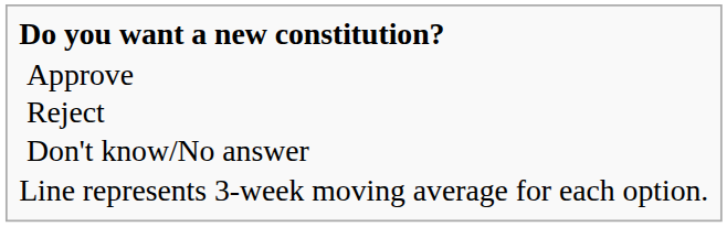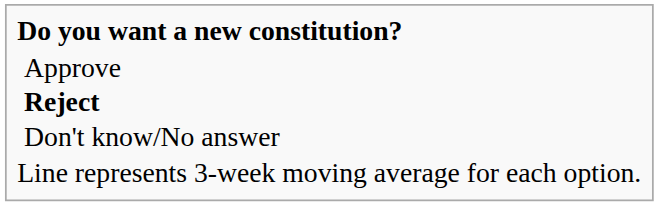 <table style="float; margin-left: 1em; margin-bottom: 0.5em" class="infobox">
 <tr>
 <td><strong>Do you want a new constitution?</strong></td>
 </tr>
 <tr>
 <td style="padding: 0 5px;"> Approve</td>
 </tr>
 <tr>
-<td style="padding: 0 5px;"> Reject</td>
+<td style="padding: 0 5px;"><strong> Reject</strong></td>
 </tr>
 <tr>
 <td style="padding: 0 5px;"> Don't know/No answer</td>
 </tr>
 <tr>
 <td>Line represents 3-week moving average for each option.</td>
 </tr>
 </table>
